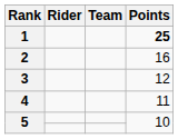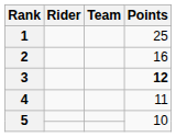 <table class="wikitable">
 <tr>
 <th scope="col">Rank</th>
 <th scope="col">Rider</th>
 <th scope="col">Team</th>
 <th scope="col">Points</th>
 </tr>
 <tr>
 <th scope="row">1</th>
 <td> </td>
 <td></td>
-<td style="text-align:right;"><strong>25</strong></td>
+<td style="text-align:right;">25</td>
 </tr>
 <tr>
 <th scope="row">2</th>
 <td></td>
 <td></td>
 <td style="text-align:right;">16</td>
 </tr>
 <tr>
 <th scope="row">3</th>
 <td></td>
 <td></td>
-<td style="text-align:right;">12</td>
+<td style="text-align:right;"><strong>12</strong></td>
 </tr>
 <tr>
 <th scope="row">4</th>
 <td></td>
 <td></td>
 <td style="text-align:right;">11</td>
 </tr>
 <tr>
 <th scope="row" rowspan="2">5</th>
 <td></td>
 <td></td>
 <td style="text-align:right;" rowspan="2">10</td>
 </tr>
 <tr>
 <td></td>
 <td></td>
 </tr>
 </table>
